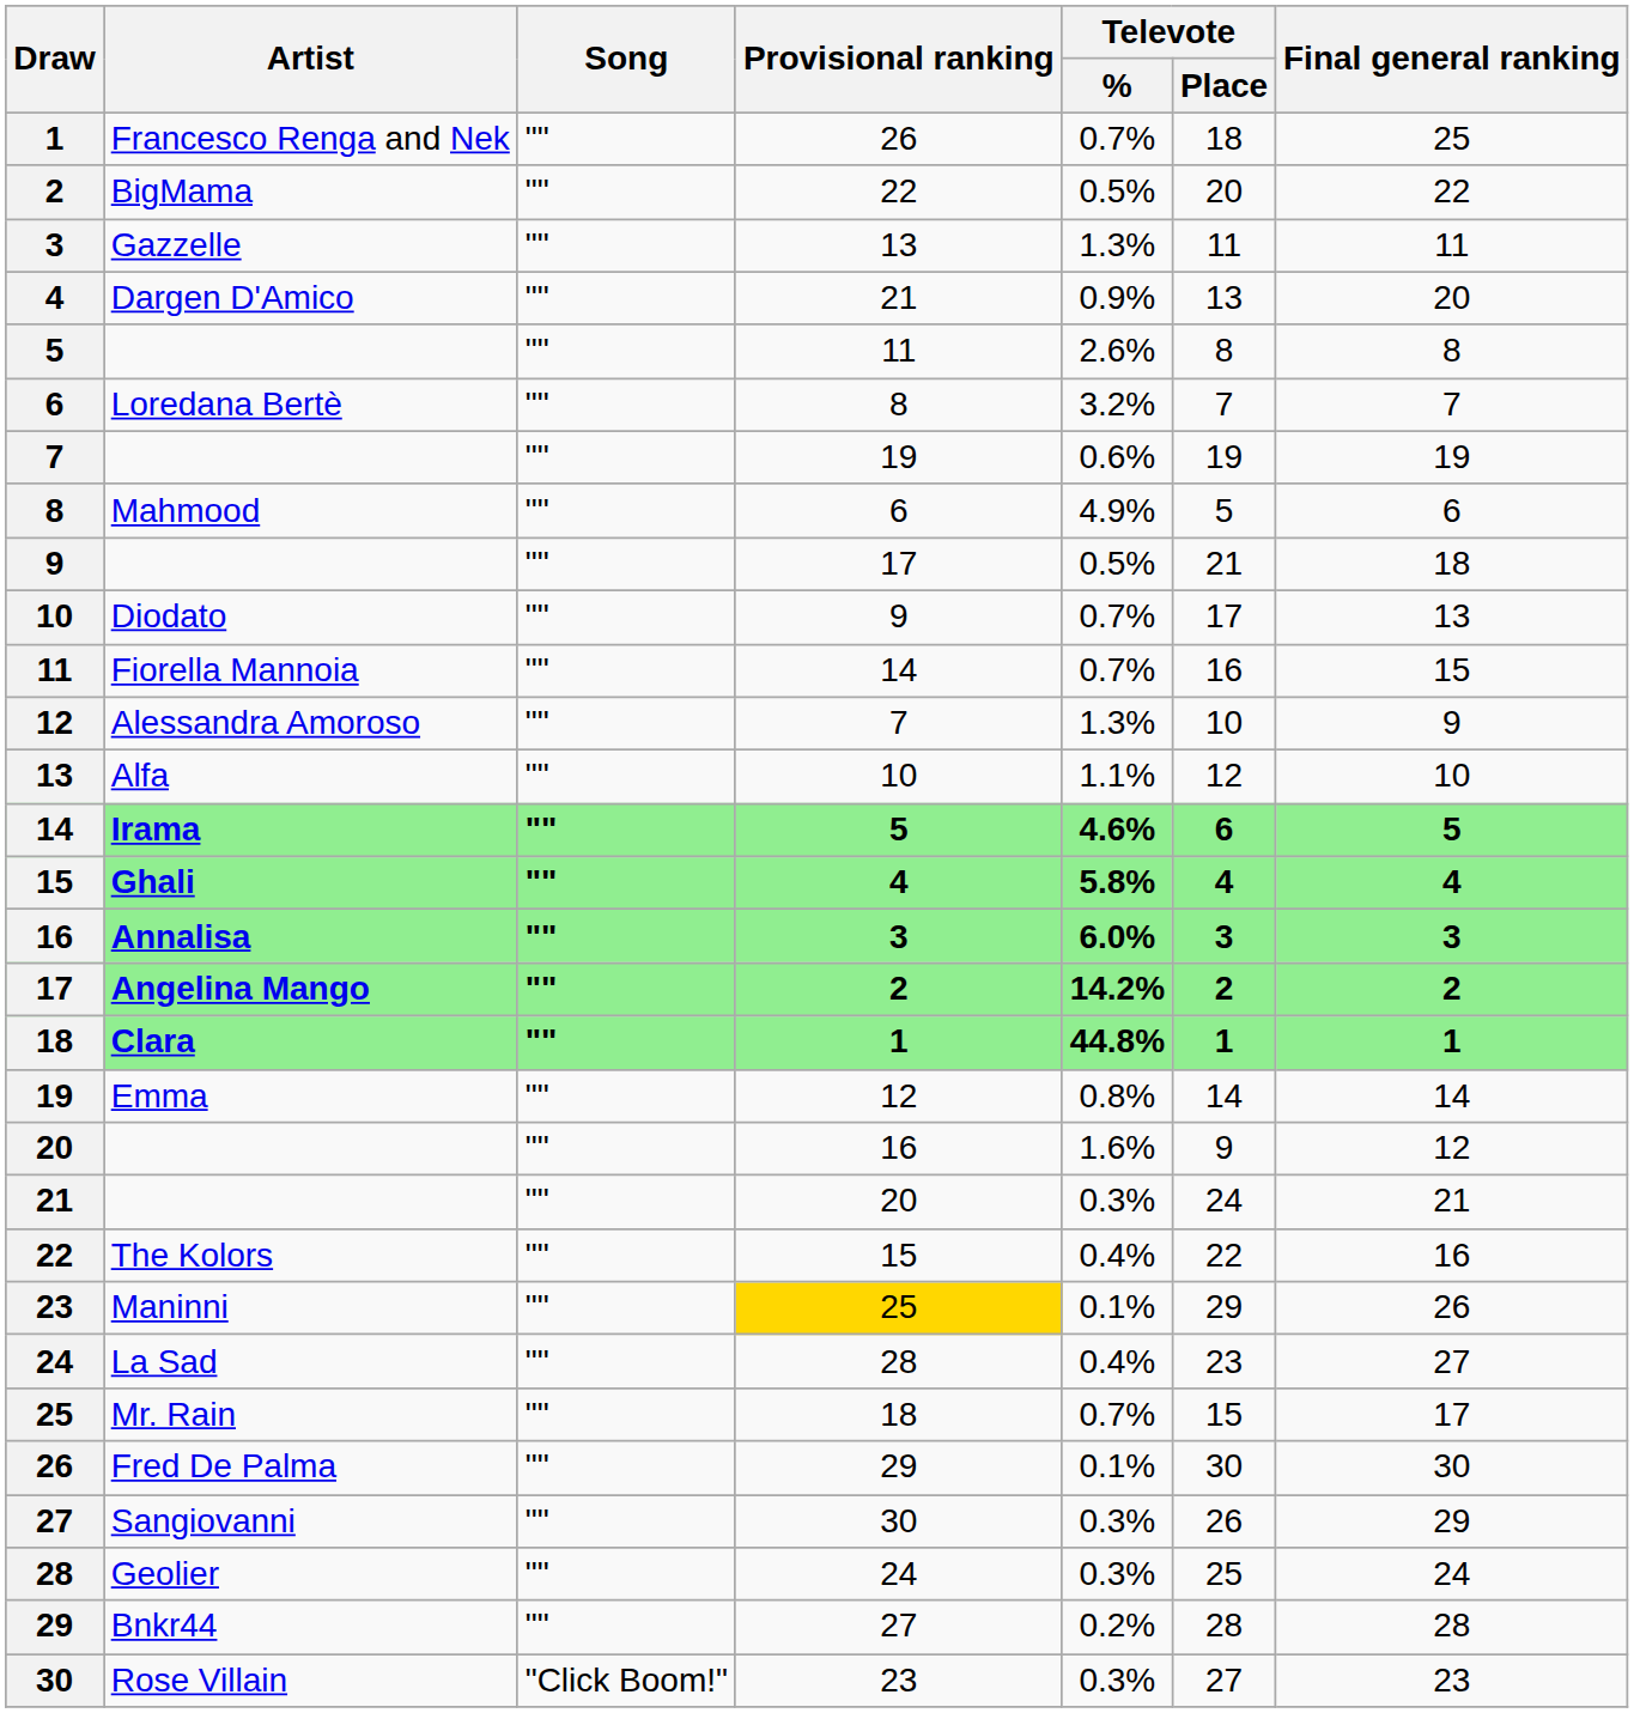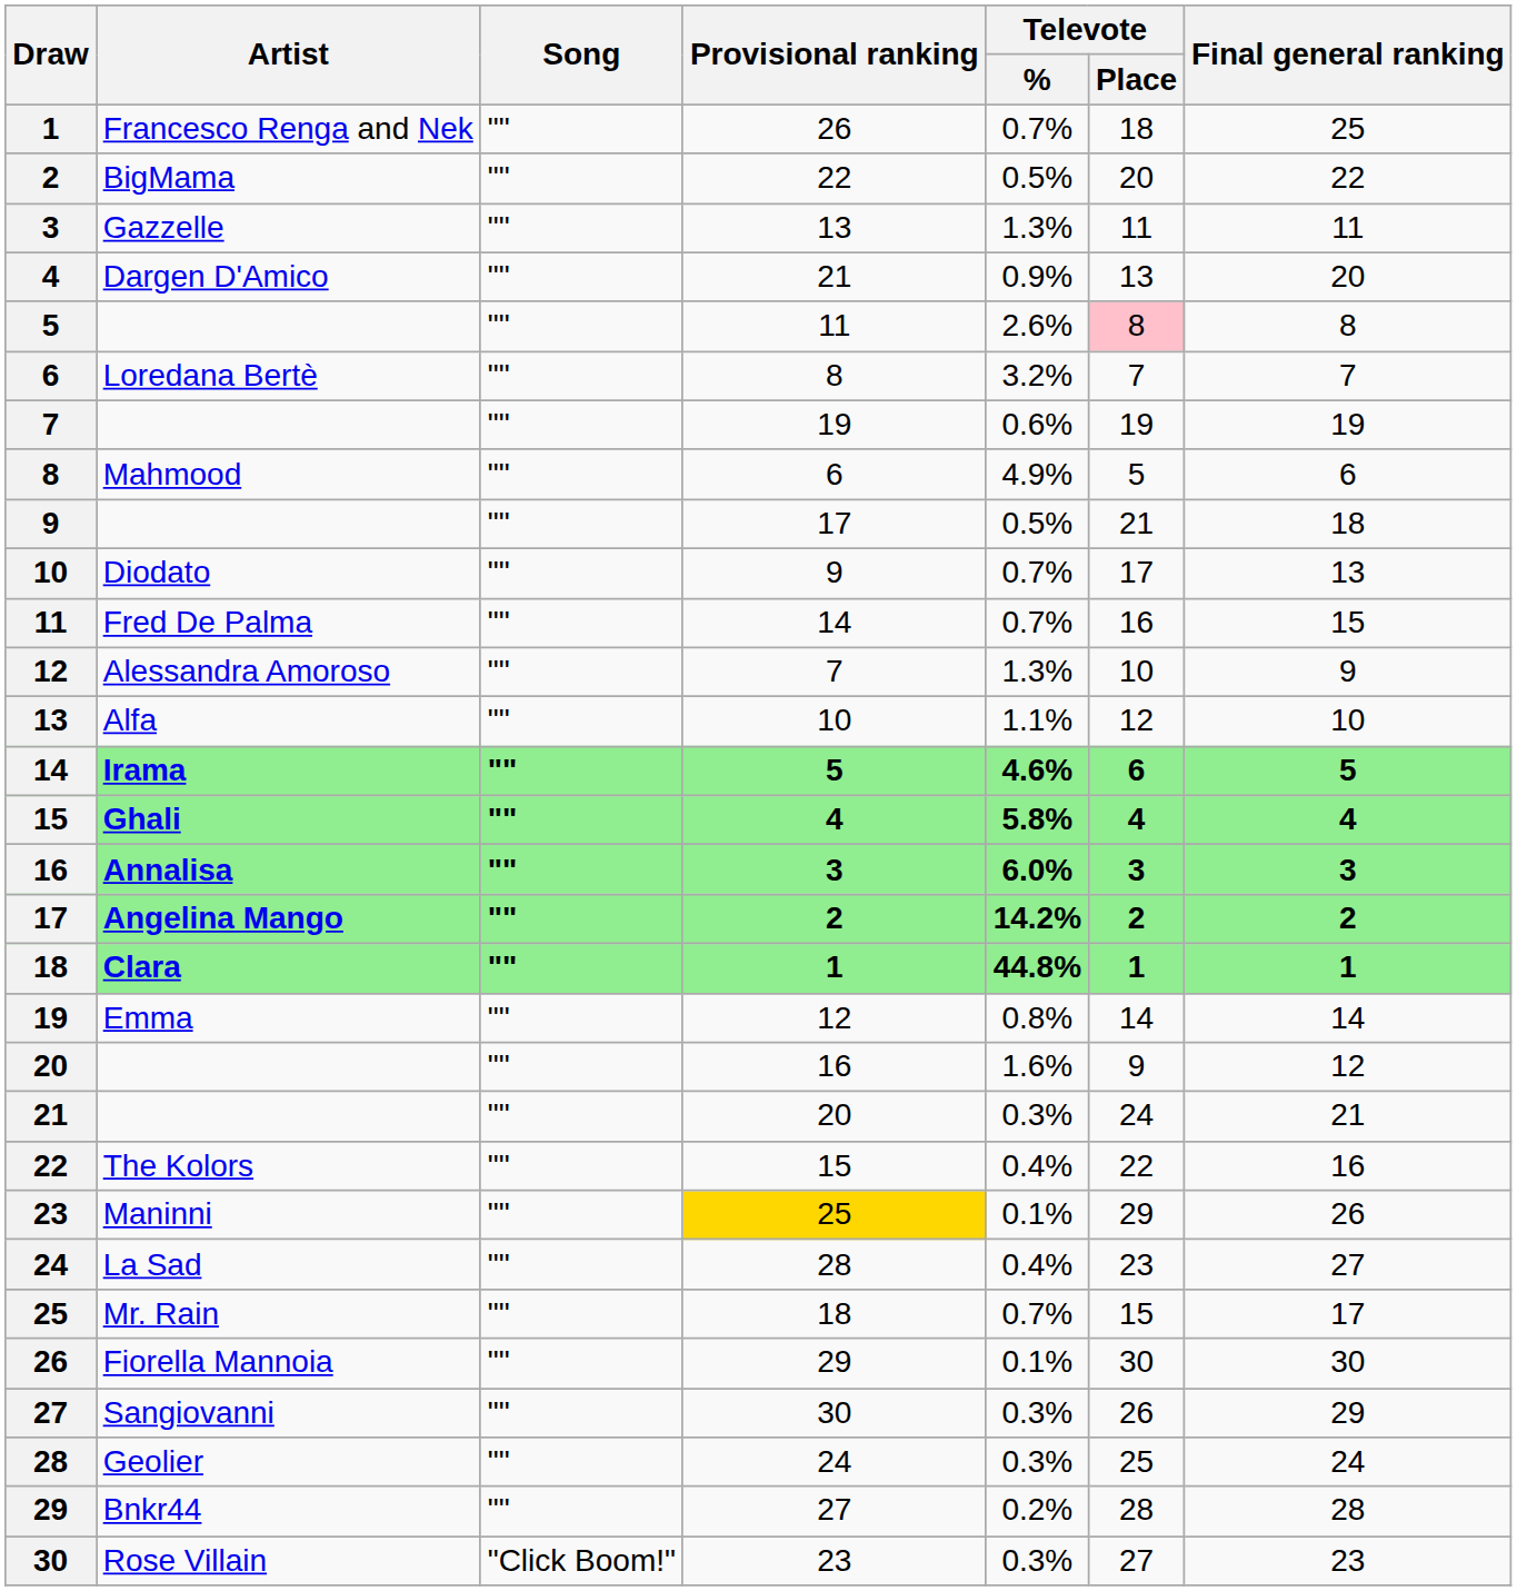 <table class="wikitable sortable plainrowheaders" style="text-align:center">
 <tr>
 <th rowspan="2">Draw</th>
 <th rowspan="2">Artist</th>
 <th rowspan="2">Song</th>
 <th rowspan="2">Provisional ranking</th>
 <th colspan="2">Televote</th>
 <th rowspan="2">Final general ranking</th>
 </tr>
 <tr>
 <th>%</th>
 <th>Place</th>
 </tr>
 <tr>
 <th scope="row" style="text-align:center">1</th>
 <td align="left"><a href='#'>Francesco Renga</a> and <a href='#'>Nek</a></td>
 <td align="left">""</td>
 <td>26</td>
 <td>0.7%</td>
 <td>18</td>
 <td>25</td>
 </tr>
 <tr>
 <th scope="row" style="text-align:center">2</th>
 <td align="left"><a href='#'>BigMama</a></td>
 <td align="left">""</td>
 <td>22</td>
 <td>0.5%</td>
 <td>20</td>
 <td>22</td>
 </tr>
 <tr>
 <th scope="row" style="text-align:center">3</th>
 <td align="left"><a href='#'>Gazzelle</a></td>
 <td align="left">""</td>
 <td>13</td>
 <td>1.3%</td>
 <td>11</td>
 <td>11</td>
 </tr>
 <tr>
 <th scope="row" style="text-align:center">4</th>
 <td align="left"><a href='#'>Dargen D'Amico</a></td>
 <td align="left">""</td>
 <td>21</td>
 <td>0.9%</td>
 <td>13</td>
 <td>20</td>
 </tr>
 <tr>
 <th scope="row" style="text-align:center">5</th>
 <td align="left"></td>
 <td align="left">""</td>
 <td>11</td>
 <td>2.6%</td>
-<td>8</td>
+<td style="background: pink;">8</td>
 <td>8</td>
 </tr>
 <tr>
 <th scope="row" style="text-align:center">6</th>
 <td align="left"><a href='#'>Loredana Bertè</a></td>
 <td align="left">""</td>
 <td>8</td>
 <td>3.2%</td>
 <td>7</td>
 <td>7</td>
 </tr>
 <tr>
 <th scope="row" style="text-align:center">7</th>
 <td align="left"></td>
 <td align="left">""</td>
 <td>19</td>
 <td>0.6%</td>
 <td>19</td>
 <td>19</td>
 </tr>
 <tr>
 <th scope="row" style="text-align:center">8</th>
 <td align="left"><a href='#'>Mahmood</a></td>
 <td align="left">""</td>
 <td>6</td>
 <td>4.9%</td>
 <td>5</td>
 <td>6</td>
 </tr>
 <tr>
 <th scope="row" style="text-align:center">9</th>
 <td align="left"></td>
 <td align="left">""</td>
 <td>17</td>
 <td>0.5%</td>
 <td>21</td>
 <td>18</td>
 </tr>
 <tr>
 <th scope="row" style="text-align:center">10</th>
 <td align="left"><a href='#'>Diodato</a></td>
 <td align="left">""</td>
 <td>9</td>
 <td>0.7%</td>
 <td>17</td>
 <td>13</td>
 </tr>
 <tr>
 <th scope="row" style="text-align:center">11</th>
-<td align="left"><a href='#'>Fiorella Mannoia</a></td>
+<td align="left"><a href='#'>Fred De Palma</a></td>
 <td align="left">""</td>
 <td>14</td>
 <td>0.7%</td>
 <td>16</td>
 <td>15</td>
 </tr>
 <tr>
 <th scope="row" style="text-align:center">12</th>
 <td align="left"><a href='#'>Alessandra Amoroso</a></td>
 <td align="left">""</td>
 <td>7</td>
 <td>1.3%</td>
 <td>10</td>
 <td>9</td>
 </tr>
 <tr>
 <th scope="row" style="text-align:center">13</th>
 <td align="left"><a href='#'>Alfa</a></td>
 <td align="left">""</td>
 <td>10</td>
 <td>1.1%</td>
 <td>12</td>
 <td>10</td>
 </tr>
 <tr style="font-weight:bold; background:#90EE90">
 <th scope="row" style="text-align:center">14</th>
 <td align="left"><a href='#'>Irama</a></td>
 <td align="left">""</td>
 <td>5</td>
 <td>4.6%</td>
 <td>6</td>
 <td>5</td>
 </tr>
 <tr style="font-weight:bold; background:#90EE90">
 <th scope="row" style="text-align:center">15</th>
 <td align="left"><a href='#'>Ghali</a></td>
 <td align="left">""</td>
 <td>4</td>
 <td>5.8%</td>
 <td>4</td>
 <td>4</td>
 </tr>
 <tr style="font-weight:bold; background:#90EE90">
 <th scope="row" style="text-align:center">16</th>
 <td align="left"><a href='#'>Annalisa</a></td>
 <td align="left">""</td>
 <td>3</td>
 <td>6.0%</td>
 <td>3</td>
 <td>3</td>
 </tr>
 <tr style="font-weight:bold; background:#90EE90">
 <th scope="row" style="text-align:center">17</th>
 <td align="left"><a href='#'>Angelina Mango</a></td>
 <td align="left">""</td>
 <td>2</td>
 <td>14.2%</td>
 <td>2</td>
 <td>2</td>
 </tr>
 <tr style="font-weight:bold; background:#90EE90">
 <th scope="row" style="text-align:center">18</th>
 <td align="left"><a href='#'>Clara</a></td>
 <td align="left">""</td>
 <td>1</td>
 <td>44.8%</td>
 <td>1</td>
 <td>1</td>
 </tr>
 <tr>
 <th scope="row" style="text-align:center">19</th>
 <td align="left"><a href='#'>Emma</a></td>
 <td align="left">""</td>
 <td>12</td>
 <td>0.8%</td>
 <td>14</td>
 <td>14</td>
 </tr>
 <tr>
 <th scope="row" style="text-align:center">20</th>
 <td align="left"></td>
 <td align="left">""</td>
 <td>16</td>
 <td>1.6%</td>
 <td>9</td>
 <td>12</td>
 </tr>
 <tr>
 <th scope="row" style="text-align:center">21</th>
 <td align="left"></td>
 <td align="left">""</td>
 <td>20</td>
 <td>0.3%</td>
 <td>24</td>
 <td>21</td>
 </tr>
 <tr>
 <th scope="row" style="text-align:center">22</th>
 <td align="left"><a href='#'>The Kolors</a></td>
 <td align="left">""</td>
 <td>15</td>
 <td>0.4%</td>
 <td>22</td>
 <td>16</td>
 </tr>
 <tr>
 <th scope="row" style="text-align:center">23</th>
 <td align="left"><a href='#'>Maninni</a></td>
 <td align="left">""</td>
 <td style="background: gold;">25</td>
 <td>0.1%</td>
 <td>29</td>
 <td>26</td>
 </tr>
 <tr>
 <th scope="row" style="text-align:center">24</th>
 <td align="left"><a href='#'>La Sad</a></td>
 <td align="left">""</td>
 <td>28</td>
 <td>0.4%</td>
 <td>23</td>
 <td>27</td>
 </tr>
 <tr>
 <th scope="row" style="text-align:center">25</th>
 <td align="left"><a href='#'>Mr. Rain</a></td>
 <td align="left">""</td>
 <td>18</td>
 <td>0.7%</td>
 <td>15</td>
 <td>17</td>
 </tr>
 <tr>
 <th scope="row" style="text-align:center">26</th>
-<td align="left"><a href='#'>Fred De Palma</a></td>
+<td align="left"><a href='#'>Fiorella Mannoia</a></td>
 <td align="left">""</td>
 <td>29</td>
 <td>0.1%</td>
 <td>30</td>
 <td>30</td>
 </tr>
 <tr>
 <th scope="row" style="text-align:center">27</th>
 <td align="left"><a href='#'>Sangiovanni</a></td>
 <td align="left">""</td>
 <td>30</td>
 <td>0.3%</td>
 <td>26</td>
 <td>29</td>
 </tr>
 <tr>
 <th scope="row" style="text-align:center">28</th>
 <td align="left"><a href='#'>Geolier</a></td>
 <td align="left">""</td>
 <td>24</td>
 <td>0.3%</td>
 <td>25</td>
 <td>24</td>
 </tr>
 <tr>
 <th scope="row" style="text-align:center">29</th>
 <td align="left"><a href='#'>Bnkr44</a></td>
 <td align="left">""</td>
 <td>27</td>
 <td>0.2%</td>
 <td>28</td>
 <td>28</td>
 </tr>
 <tr>
 <th scope="row" style="text-align:center">30</th>
 <td align="left"><a href='#'>Rose Villain</a></td>
 <td align="left">"Click Boom!"</td>
 <td>23</td>
 <td>0.3%</td>
 <td>27</td>
 <td>23</td>
 </tr>
 </table>
